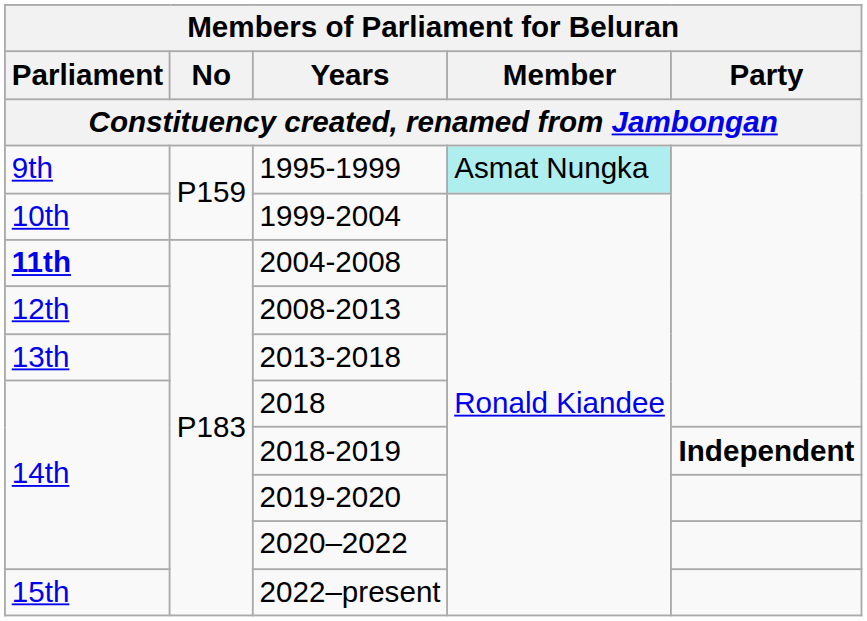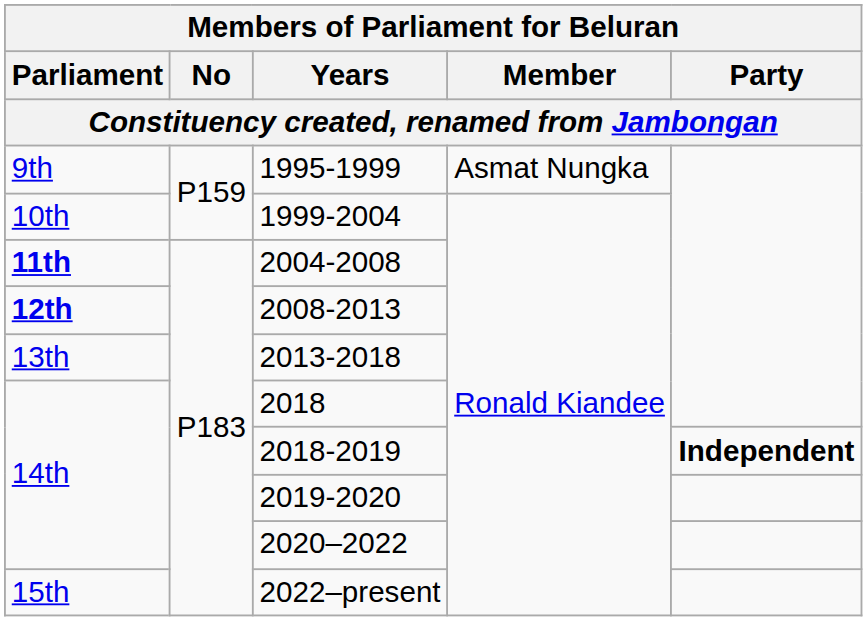 <table class=wikitable>
 <tr>
 <th colspan="5">Members of Parliament for Beluran</th>
 </tr>
 <tr>
 <th>Parliament</th>
 <th>No</th>
 <th>Years</th>
 <th>Member</th>
 <th>Party</th>
 </tr>
 <tr>
 <th colspan="5" align="center"><em>Constituency created, renamed from <a href='#'>Jambongan</a></em></th>
 </tr>
 <tr>
 <td><a href='#'>9th</a></td>
 <td rowspan="2">P159</td>
 <td>1995-1999</td>
-<td style="background: paleturquoise;">Asmat Nungka</td>
+<td>Asmat Nungka</td>
 <td rowspan="6"></td>
 </tr>
 <tr>
 <td><a href='#'>10th</a></td>
 <td>1999-2004</td>
 <td rowspan="9"><a href='#'>Ronald Kiandee</a></td>
 </tr>
 <tr>
 <td><strong><a href='#'>11th</a></strong></td>
 <td rowspan="8">P183</td>
 <td>2004-2008</td>
 </tr>
 <tr>
-<td><a href='#'>12th</a></td>
+<td><strong><a href='#'>12th</a></strong></td>
 <td>2008-2013</td>
 </tr>
 <tr>
 <td><a href='#'>13th</a></td>
 <td>2013-2018</td>
 </tr>
 <tr>
 <td rowspan="4"><a href='#'>14th</a></td>
 <td>2018</td>
 </tr>
 <tr>
 <td>2018-2019</td>
 <td><strong>Independent</strong></td>
 </tr>
 <tr>
 <td>2019-2020</td>
 <td></td>
 </tr>
 <tr>
 <td>2020–2022</td>
 <td></td>
 </tr>
 <tr>
 <td><a href='#'>15th</a></td>
 <td>2022–present</td>
 <td></td>
 </tr>
 </table>
